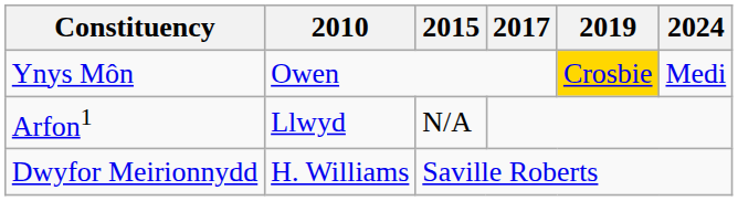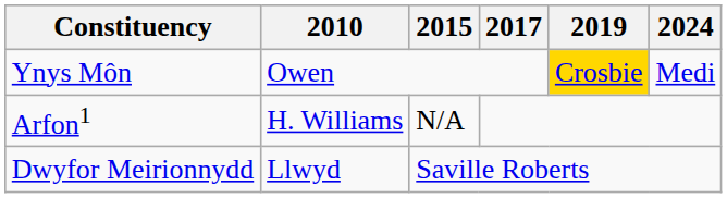 <table class="wikitable">
 <tr>
 <th>Constituency</th>
 <th>2010</th>
 <th>2015</th>
 <th>2017</th>
 <th>2019</th>
 <th>2024</th>
 </tr>
 <tr>
 <td><a href='#'>Ynys Môn</a></td>
 <td colspan="3"><a href='#'>Owen</a></td>
 <td style="background: gold;"><a href='#'>Crosbie</a></td>
 <td><a href='#'>Medi</a></td>
 </tr>
 <tr>
 <td><a href='#'>Arfon</a><sup>1</sup></td>
-<td><a href='#'>Llwyd</a></td>
+<td><a href='#'>H. Williams</a></td>
 <td>N/A</td>
 </tr>
 <tr>
 <td><a href='#'>Dwyfor Meirionnydd</a></td>
-<td><a href='#'>H. Williams</a></td>
+<td><a href='#'>Llwyd</a></td>
 <td colspan="4"><a href='#'>Saville Roberts</a></td>
 </tr>
 </table>
